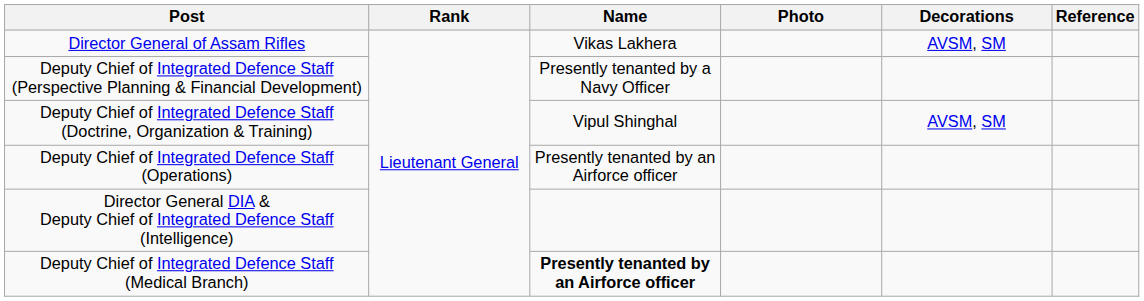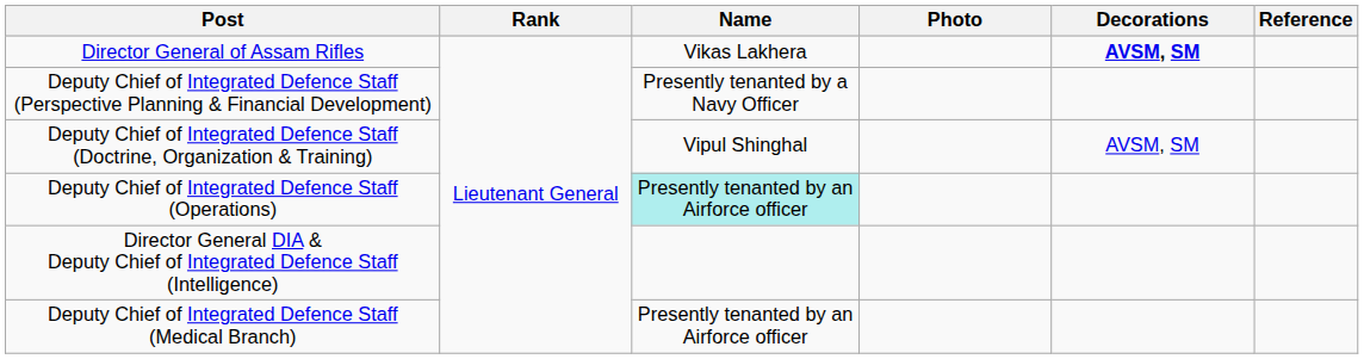 <table class="wikitable" style="text-align:center">
 <tr style="background:#cccccc">
 <th scope="col" style="width: 350px;">Post</th>
 <th scope="col" style="width: 150px;">Rank</th>
 <th scope="col" style="width: 180px;">Name</th>
 <th scope="col" style="width: 150px;">Photo</th>
 <th scope="col" style="width: 160px;">Decorations</th>
 <th scope="col" style="width: 5px;">Reference</th>
 </tr>
 <tr>
 <td><a href='#'>Director General of Assam Rifles</a></td>
 <td rowspan="6"><a href='#'>Lieutenant General</a></td>
 <td>Vikas Lakhera</td>
 <td></td>
-<td><a href='#'>AVSM</a>, <a href='#'>SM</a></td>
+<td><strong><a href='#'>AVSM</a>, <a href='#'>SM</a></strong></td>
 <td></td>
 </tr>
 <tr>
 <td>Deputy Chief of <a href='#'>Integrated Defence Staff</a> <br>(Perspective Planning & Financial Development)</td>
 <td>Presently tenanted by a Navy Officer</td>
 <td></td>
 <td></td>
 <td></td>
 </tr>
 <tr>
 <td>Deputy Chief of <a href='#'>Integrated Defence Staff</a> <br>(Doctrine, Organization & Training)</td>
 <td>Vipul Shinghal</td>
 <td></td>
 <td><a href='#'>AVSM</a>, <a href='#'>SM</a></td>
 <td></td>
 </tr>
 <tr>
 <td>Deputy Chief of <a href='#'>Integrated Defence Staff</a> <br>(Operations)</td>
-<td>Presently tenanted by an Airforce officer</td>
+<td style="background: paleturquoise;">Presently tenanted by an Airforce officer</td>
 <td></td>
 <td></td>
 <td></td>
 </tr>
 <tr>
 <td>Director General <a href='#'>DIA</a> & <br>Deputy Chief of <a href='#'>Integrated Defence Staff</a><br>(Intelligence)</td>
 <td></td>
 <td></td>
 <td></td>
 <td></td>
 </tr>
 <tr>
 <td>Deputy Chief of <a href='#'>Integrated Defence Staff</a> <br>(Medical Branch)</td>
-<td><strong>Presently tenanted by an Airforce officer</strong></td>
+<td>Presently tenanted by an Airforce officer</td>
 <td></td>
 <td></td>
 <td></td>
 </tr>
 </table>
